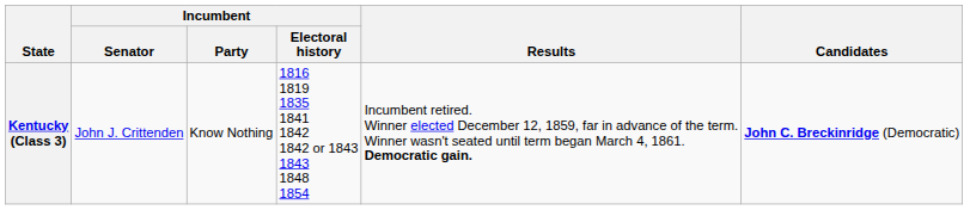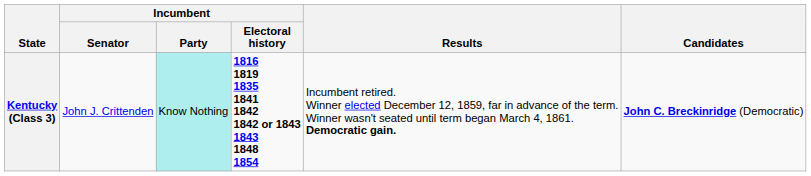 <table class=wikitable>
 <tr valign=bottom>
 <th rowspan=2>State</th>
 <th colspan=3>Incumbent</th>
 <th rowspan=2>Results</th>
 <th rowspan=2>Candidates</th>
 </tr>
 <tr valign=bottom>
 <th>Senator</th>
 <th>Party</th>
 <th>Electoral<br>history</th>
 </tr>
 <tr>
 <th><a href='#'>Kentucky</a><br>(Class 3)</th>
 <td><a href='#'>John J. Crittenden</a></td>
-<td>Know Nothing</td>
-<td nowrap><a href='#'>1816</a><br>1819 <br><a href='#'>1835</a><br>1841 <br>1842 <br>1842 or 1843 <br><a href='#'>1843</a><br>1848 <br><a href='#'>1854</a></td>
+<td style="background: paleturquoise;">Know Nothing</td>
+<td nowrap><strong><a href='#'>1816</a><br>1819 <br><a href='#'>1835</a><br>1841 <br>1842 <br>1842 or 1843 <br><a href='#'>1843</a><br>1848 <br><a href='#'>1854</a></strong></td>
 <td>Incumbent retired.<br>Winner <a href='#'>elected</a> December 12, 1859, far in advance of the term.<br>Winner wasn't seated until term began March 4, 1861.<br><strong>Democratic gain.</strong></td>
 <td nowrap><strong> <a href='#'>John C. Breckinridge</a></strong> (Democratic)<br></td>
 </tr>
 </table>
